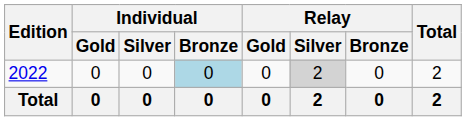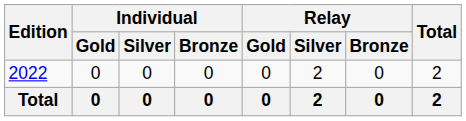 <table class="wikitable">
 <tr>
 <th rowspan=2>Edition</th>
 <th colspan=3>Individual</th>
 <th colspan=3>Relay</th>
 <th rowspan=2>Total</th>
 </tr>
 <tr>
 <th>Gold</th>
 <th>Silver</th>
 <th>Bronze</th>
 <th>Gold</th>
 <th>Silver</th>
 <th>Bronze</th>
 </tr>
 <tr>
 <td><a href='#'>2022</a></td>
 <td style="text-align:center;">0</td>
 <td style="text-align:center;">0</td>
-<td style="background: lightblue; text-align:center;">0</td>
 <td style="text-align:center;">0</td>
-<td style="background: lightgrey; text-align:center;">2</td>
+<td style="text-align:center;">0</td>
+<td style="text-align:center;">2</td>
 <td style="text-align:center;">0</td>
 <td style="text-align:center;">2</td>
 </tr>
 <tr>
 <th>Total</th>
 <th style="text-align:center;">0</th>
 <th style="text-align:center;">0</th>
 <th style="text-align:center;">0</th>
 <th style="text-align:center;">0</th>
 <th style="text-align:center;">2</th>
 <th style="text-align:center;">0</th>
 <th style="text-align:center;">2</th>
 </tr>
 </table>
